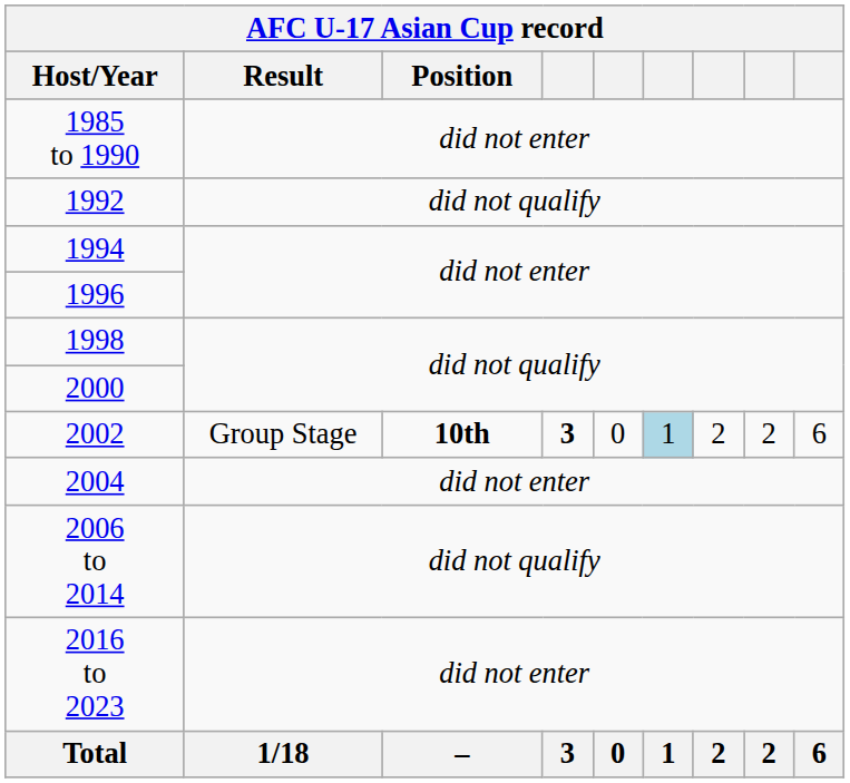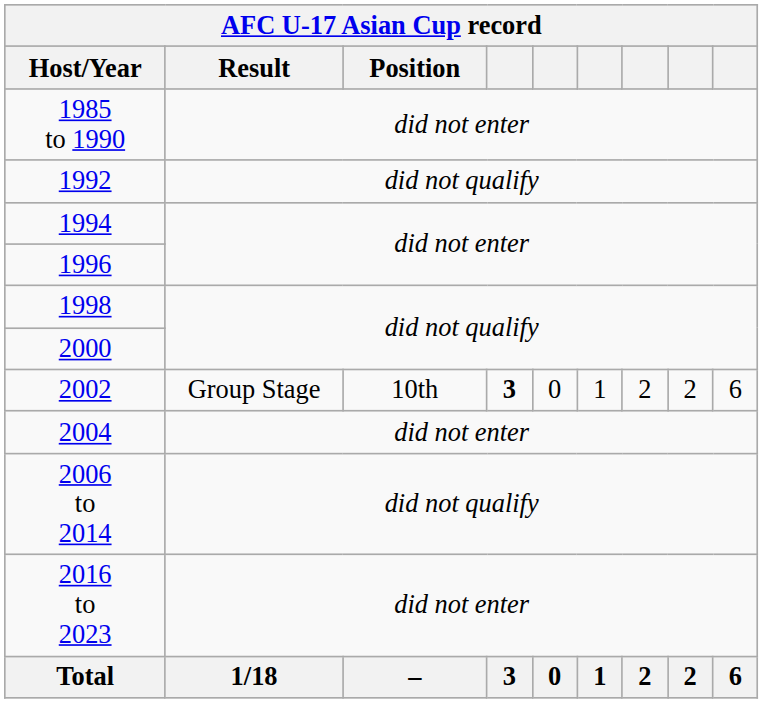 <table class="wikitable collapsible" style="text-align: center;">
 <tr>
 <th colspan="9"><a href='#'>AFC U-17 Asian Cup</a> record</th>
 </tr>
 <tr>
 <th width="90">Host/Year</th>
 <th width="100">Result</th>
 <th width="80">Position</th>
 <th width="20"></th>
 <th width="20"></th>
 <th width="20"></th>
 <th width="20"></th>
 <th width="20"></th>
 <th width="20"></th>
 </tr>
 <tr>
 <td> <a href='#'>1985</a><br>to  <a href='#'>1990</a></td>
 <td colspan="8"><em>did not enter</em></td>
 </tr>
 <tr>
 <td> <a href='#'>1992</a></td>
 <td colspan="8"><em>did not qualify</em></td>
 </tr>
 <tr>
 <td> <a href='#'>1994</a></td>
 <td colspan="8" rowspan="2"><em>did not enter</em></td>
 </tr>
 <tr>
 <td> <a href='#'>1996</a></td>
 </tr>
 <tr>
 <td> <a href='#'>1998</a></td>
 <td colspan="8" rowspan="2"><em>did not qualify</em></td>
 </tr>
 <tr>
 <td> <a href='#'>2000</a></td>
 </tr>
 <tr>
 <td> <a href='#'>2002</a></td>
 <td>Group Stage</td>
-<td><strong>10th</strong></td>
+<td>10th</td>
 <td><strong>3</strong></td>
 <td>0</td>
-<td style="background: lightblue;">1</td>
+<td>1</td>
 <td>2</td>
 <td>2</td>
 <td>6</td>
 </tr>
 <tr>
 <td> <a href='#'>2004</a></td>
 <td colspan="8"><em>did not enter</em></td>
 </tr>
 <tr>
 <td> <a href='#'>2006</a><br>to<br> <a href='#'>2014</a></td>
 <td colspan="8"><em>did not qualify</em></td>
 </tr>
 <tr>
 <td> <a href='#'>2016</a><br>to<br> <a href='#'>2023</a></td>
 <td colspan="8"><em>did not enter</em></td>
 </tr>
 <tr>
 <th>Total</th>
 <th>1/18</th>
 <th><strong>–</strong></th>
 <th>3</th>
 <th>0</th>
 <th>1</th>
 <th>2</th>
 <th>2</th>
 <th>6</th>
 </tr>
 </table>
